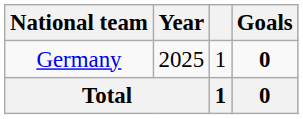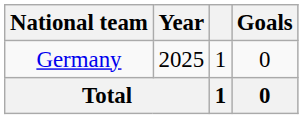 <table class="wikitable" style="text-align: center">
 <tr>
 <th>National team</th>
 <th>Year</th>
 <th></th>
 <th>Goals</th>
 </tr>
 <tr>
 <td><a href='#'>Germany</a></td>
 <td>2025</td>
 <td>1</td>
-<td><strong>0</strong></td>
+<td>0</td>
 </tr>
 <tr>
 <th colspan="2">Total</th>
 <th>1</th>
 <th>0</th>
 </tr>
 </table>
